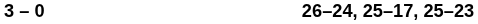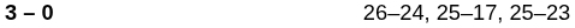 <table width=100% cellspacing=1>
 <tr>
 <th width=20%></th>
 <th width=12%></th>
 <th width=20%></th>
 <th width=33%></th>
 <td></td>
 </tr>
 <tr style=font-size:95%>
 <td align=right><strong></strong></td>
 <td align=center><strong>3 – 0</strong></td>
 <td></td>
-<td><strong>26–24, 25–17, 25–23</strong></td>
+<td>26–24, 25–17, 25–23</td>
 </tr>
 </table>
